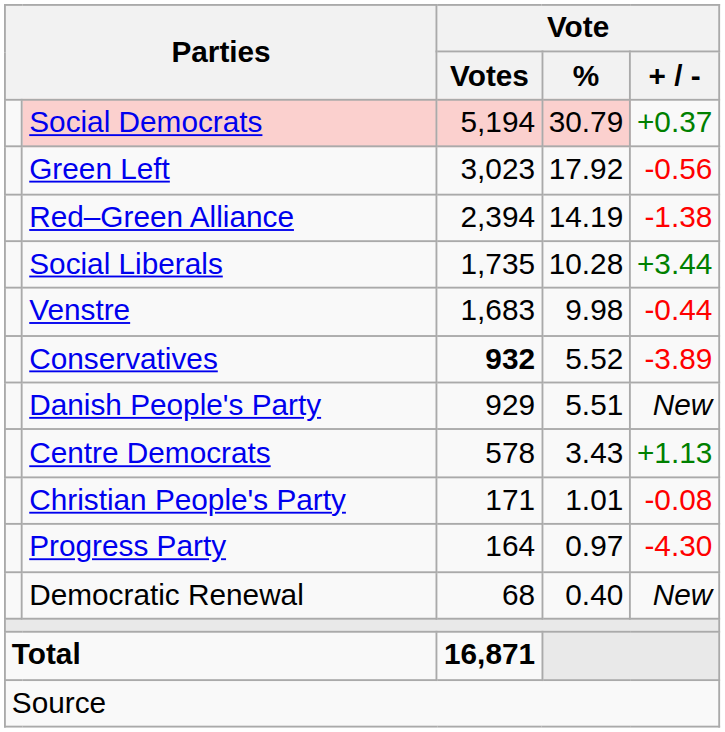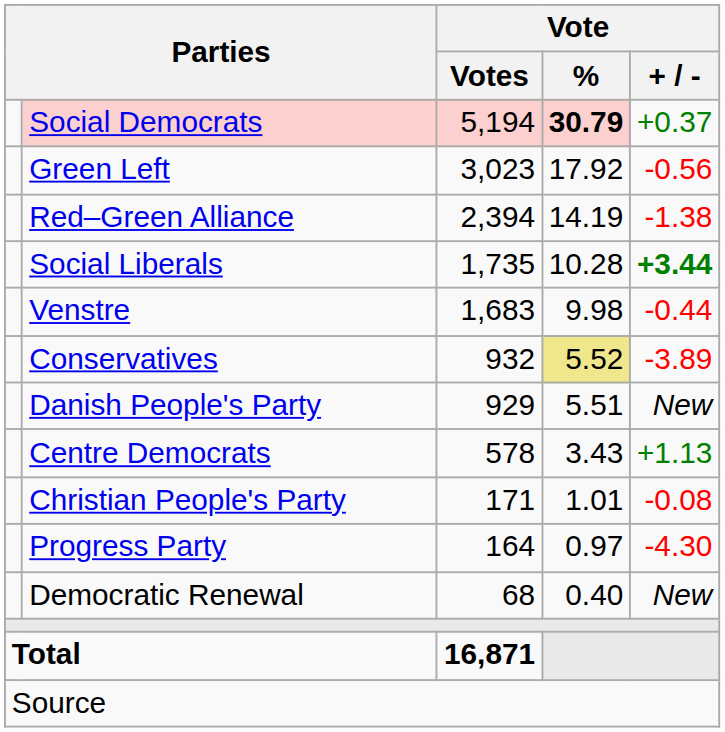 <table class="wikitable" style="text-align:right;">
 <tr>
 <th style="text-align:centre;" rowspan="2" colspan="2" width="225">Parties</th>
 <th colspan="3">Vote</th>
 </tr>
 <tr>
 <th width="15">Votes</th>
 <th width="15">%</th>
 <th width="15">+ / -</th>
 </tr>
 <tr>
 <td width="2" style="color:inherit;background:"></td>
 <td bgcolor=#fbd0ce  align="left"><a href='#'>Social Democrats</a></td>
 <td bgcolor=#fbd0ce>5,194</td>
-<td bgcolor=#fbd0ce>30.79</td>
+<td bgcolor=#fbd0ce><strong>30.79</strong></td>
 <td style=color:green;>+0.37</td>
 </tr>
 <tr>
 <td width="2" style="color:inherit;background:"></td>
 <td align="left"><a href='#'>Green Left</a></td>
 <td>3,023</td>
 <td>17.92</td>
 <td style=color:red;>-0.56</td>
 </tr>
 <tr>
 <td width="2" style="color:inherit;background:"></td>
 <td align="left"><a href='#'>Red–Green Alliance</a></td>
 <td>2,394</td>
 <td>14.19</td>
 <td style=color:red;>-1.38</td>
 </tr>
 <tr>
 <td width="2" style="color:inherit;background:"></td>
 <td align="left"><a href='#'>Social Liberals</a></td>
 <td>1,735</td>
 <td>10.28</td>
-<td style=color:green;>+3.44</td>
+<td style=color:green;><strong>+3.44</strong></td>
 </tr>
 <tr>
 <td width="2" style="color:inherit;background:"></td>
 <td align="left"><a href='#'>Venstre</a></td>
 <td>1,683</td>
 <td>9.98</td>
 <td style=color:red;>-0.44</td>
 </tr>
 <tr>
 <td width="2" style="color:inherit;background:"></td>
 <td align="left"><a href='#'>Conservatives</a></td>
-<td><strong>932</strong></td>
-<td>5.52</td>
+<td>932</td>
+<td style="background: khaki;">5.52</td>
 <td style=color:red;>-3.89</td>
 </tr>
 <tr>
 <td width="2" style="color:inherit;background:"></td>
 <td align="left"><a href='#'>Danish People's Party</a></td>
 <td>929</td>
 <td>5.51</td>
 <td><em>New</em></td>
 </tr>
 <tr>
 <td width="2" style="color:inherit;background:"></td>
 <td align="left"><a href='#'>Centre Democrats</a></td>
 <td>578</td>
 <td>3.43</td>
 <td style=color:green;>+1.13</td>
 </tr>
 <tr>
 <td width="2" style="color:inherit;background:"></td>
 <td align="left"><a href='#'>Christian People's Party</a></td>
 <td>171</td>
 <td>1.01</td>
 <td style=color:red;>-0.08</td>
 </tr>
 <tr>
 <td width="2" style="color:inherit;background:"></td>
 <td align="left"><a href='#'>Progress Party</a></td>
 <td>164</td>
 <td>0.97</td>
 <td style=color:red;>-4.30</td>
 </tr>
 <tr>
 <td width="2" style="color:inherit;background:"></td>
 <td align="left">Democratic Renewal</td>
 <td>68</td>
 <td>0.40</td>
 <td><em>New</em></td>
 </tr>
 <tr>
 <td colspan="7" bgcolor="#E9E9E9"></td>
 </tr>
 <tr>
 <td align="left" colspan="2"><strong>Total</strong></td>
 <td><strong>16,871</strong></td>
 <td bgcolor="#E9E9E9" colspan="2"></td>
 </tr>
 <tr>
 <td align="left" colspan="6">Source</td>
 </tr>
 </table>
